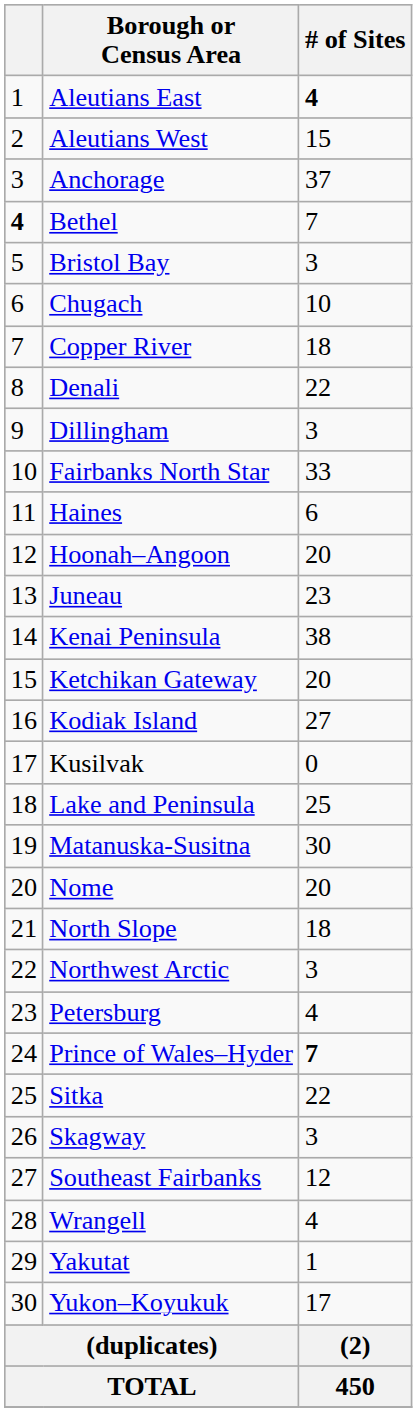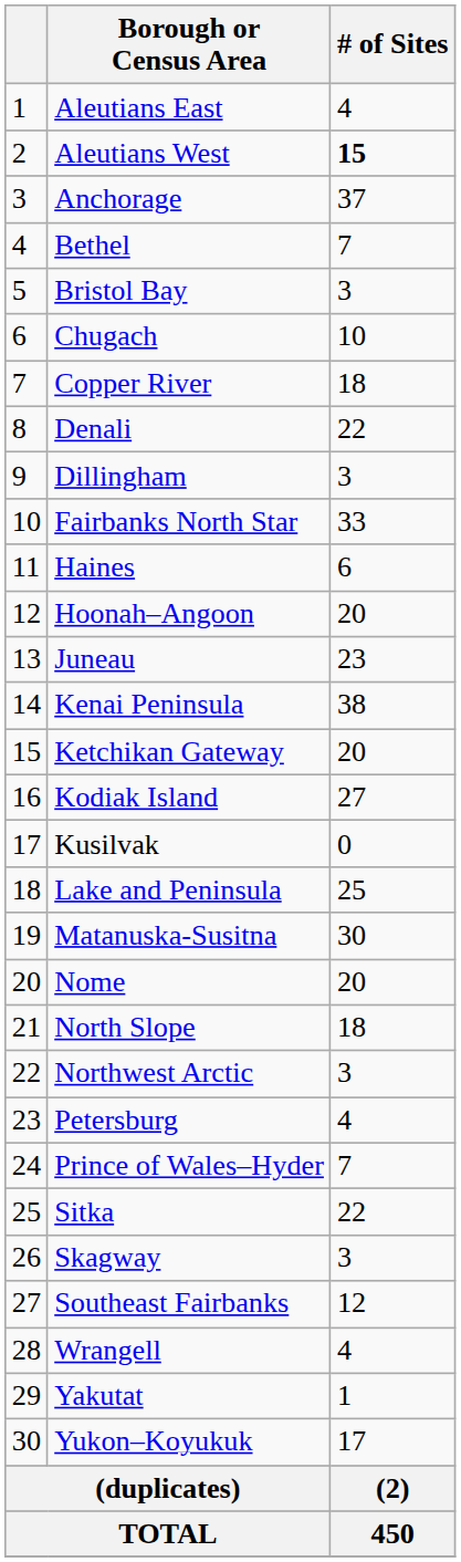 <table class="wikitable sortable sticky-header">
 <tr>
 <th></th>
 <th>Borough or<br>Census Area</th>
 <th># of Sites</th>
 </tr>
 <tr ->
 <td>1</td>
 <td><a href='#'>Aleutians East</a></td>
-<td><strong>4</strong></td>
+<td>4</td>
 </tr>
 <tr ->
 <td>2</td>
 <td><a href='#'>Aleutians West</a></td>
-<td>15</td>
+<td><strong>15</strong></td>
 </tr>
 <tr ->
 <td>3</td>
 <td><a href='#'>Anchorage</a></td>
 <td>37</td>
 </tr>
 <tr ->
-<td><strong>4</strong></td>
+<td>4</td>
 <td><a href='#'>Bethel</a></td>
 <td>7</td>
 </tr>
 <tr ->
 <td>5</td>
 <td><a href='#'>Bristol Bay</a></td>
 <td>3</td>
 </tr>
 <tr ->
 <td>6</td>
 <td><a href='#'>Chugach</a></td>
 <td>10</td>
 </tr>
 <tr ->
 <td>7</td>
 <td><a href='#'>Copper River</a></td>
 <td>18</td>
 </tr>
 <tr ->
 <td>8</td>
 <td><a href='#'>Denali</a></td>
 <td>22</td>
 </tr>
 <tr ->
 <td>9</td>
 <td><a href='#'>Dillingham</a></td>
 <td>3</td>
 </tr>
 <tr ->
 <td>10</td>
 <td><a href='#'>Fairbanks North Star</a></td>
 <td>33</td>
 </tr>
 <tr ->
 <td>11</td>
 <td><a href='#'>Haines</a></td>
 <td>6</td>
 </tr>
 <tr ->
 <td>12</td>
 <td><a href='#'>Hoonah–Angoon</a></td>
 <td>20</td>
 </tr>
 <tr ->
 <td>13</td>
 <td><a href='#'>Juneau</a></td>
 <td>23</td>
 </tr>
 <tr ->
 <td>14</td>
 <td><a href='#'>Kenai Peninsula</a></td>
 <td>38</td>
 </tr>
 <tr ->
 <td>15</td>
 <td><a href='#'>Ketchikan Gateway</a></td>
 <td>20</td>
 </tr>
 <tr ->
 <td>16</td>
 <td><a href='#'>Kodiak Island</a></td>
 <td>27</td>
 </tr>
 <tr ->
 <td>17</td>
 <td>Kusilvak</td>
 <td>0</td>
 </tr>
 <tr ->
 <td>18</td>
 <td><a href='#'>Lake and Peninsula</a></td>
 <td>25</td>
 </tr>
 <tr ->
 <td>19</td>
 <td><a href='#'>Matanuska-Susitna</a></td>
 <td>30</td>
 </tr>
 <tr ->
 <td>20</td>
 <td><a href='#'>Nome</a></td>
 <td>20</td>
 </tr>
 <tr ->
 <td>21</td>
 <td><a href='#'>North Slope</a></td>
 <td>18</td>
 </tr>
 <tr ->
 <td>22</td>
 <td><a href='#'>Northwest Arctic</a></td>
 <td>3</td>
 </tr>
 <tr ->
 <td>23</td>
 <td><a href='#'>Petersburg</a></td>
 <td>4</td>
 </tr>
 <tr ->
 <td>24</td>
 <td><a href='#'>Prince of Wales–Hyder</a></td>
-<td><strong>7</strong></td>
+<td>7</td>
 </tr>
 <tr ->
 <td>25</td>
 <td><a href='#'>Sitka</a></td>
 <td>22</td>
 </tr>
 <tr ->
 <td>26</td>
 <td><a href='#'>Skagway</a></td>
 <td>3</td>
 </tr>
 <tr ->
 <td>27</td>
 <td><a href='#'>Southeast Fairbanks</a></td>
 <td>12</td>
 </tr>
 <tr ->
 <td>28</td>
 <td><a href='#'>Wrangell</a></td>
 <td>4</td>
 </tr>
 <tr ->
 <td>29</td>
 <td><a href='#'>Yakutat</a></td>
 <td>1</td>
 </tr>
 <tr ->
 <td>30</td>
 <td><a href='#'>Yukon–Koyukuk</a></td>
 <td>17</td>
 </tr>
 <tr class="sortbottom">
 <th colspan="2">(duplicates)</th>
 <th>(2)</th>
 </tr>
 <tr class="sortbottom">
 <th colspan="2">TOTAL</th>
 <th>450</th>
 </tr>
 <tr ->
 </tr>
 </table>
